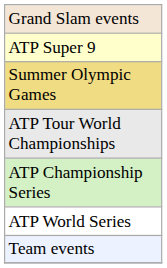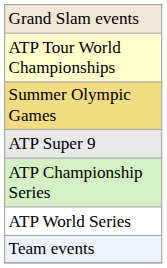 <table class="wikitable" style="font-size:90%;" width=15%>
 <tr style="background:#F3E6D7;">
 <td>Grand Slam events</td>
 </tr>
 <tr style="background:#FFFFCC;">
-<td>ATP Super 9</td>
+<td>ATP Tour World Championships</td>
 </tr>
 <tr style="background:#F0DC82;">
 <td>Summer Olympic Games</td>
 </tr>
 <tr style="background:#E9E9E9;">
-<td>ATP Tour World Championships</td>
+<td>ATP Super 9</td>
 </tr>
 <tr style="background:#D4F1C5;">
 <td>ATP Championship Series</td>
 </tr>
 <tr style="background:#FFF;">
 <td>ATP World Series</td>
 </tr>
 <tr style="background:#ECF2FF;">
 <td>Team events</td>
 </tr>
 <tr>
 </tr>
 </table>
